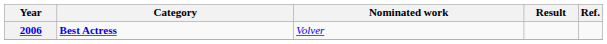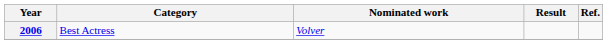 <table class=wikitable>
 <tr>
 <th scope="col" style="width:5em;">Year</th>
 <th scope="col" style="width:26em;">Category</th>
 <th scope="col" style="width:25em;">Nominated work</th>
 <th scope="col" style="width:5em;">Result</th>
 <th>Ref.</th>
 </tr>
 <tr>
 <th style="text-align:center;"><a href='#'>2006</a></th>
-<td><strong><a href='#'>Best Actress</a></strong></td>
+<td><a href='#'>Best Actress</a></td>
 <td><em><a href='#'>Volver</a></em></td>
 <td></td>
 <td></td>
 </tr>
 <tr>
 </tr>
 </table>
